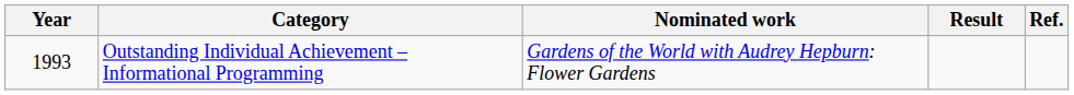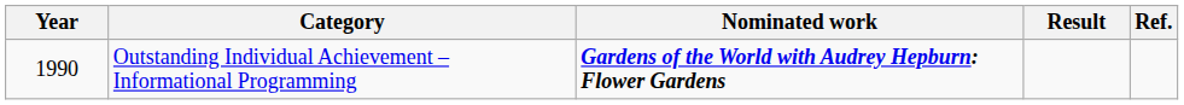 <table class=wikitable>
 <tr>
 <th scope="col" style="width:5em;">Year</th>
 <th scope="col" style="width:26em;">Category</th>
 <th scope="col" style="width:25em;">Nominated work</th>
 <th scope="col" style="width:5em;">Result</th>
 <th>Ref.</th>
 </tr>
 <tr>
-<td style="text-align:center;">1993</td>
+<td style="text-align:center;">1990</td>
 <td><a href='#'>Outstanding Individual Achievement – Informational Programming</a></td>
-<td><em><a href='#'>Gardens of the World with Audrey Hepburn</a>: Flower Gardens</em></td>
+<td><strong><em><a href='#'>Gardens of the World with Audrey Hepburn</a>: Flower Gardens</em></strong></td>
 <td></td>
 <td align=center></td>
 </tr>
 </table>
